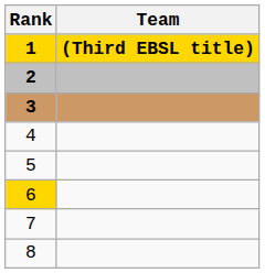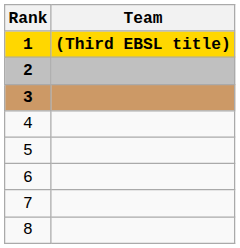 <table class="wikitable" style="text-align:center">
 <tr>
 <th>Rank</th>
 <th>Team</th>
 </tr>
 <tr style="background:gold;">
 <td><strong>1</strong></td>
 <td align="left"><strong>  (Third EBSL title)</strong></td>
 </tr>
 <tr style="background:silver;">
 <td><strong>2</strong></td>
 <td align="left"></td>
 </tr>
 <tr style="background:#c96;">
 <td><strong>3</strong></td>
 <td align="left"></td>
 </tr>
 <tr>
 <td>4</td>
 <td align="left"></td>
 </tr>
 <tr>
 <td>5</td>
 <td align="left"></td>
 </tr>
 <tr>
-<td style="background: gold;">6</td>
+<td>6</td>
 <td align="left"></td>
 </tr>
 <tr>
 <td>7</td>
 <td align="left"></td>
 </tr>
 <tr>
 <td>8</td>
 <td align="left"></td>
 </tr>
 </table>
